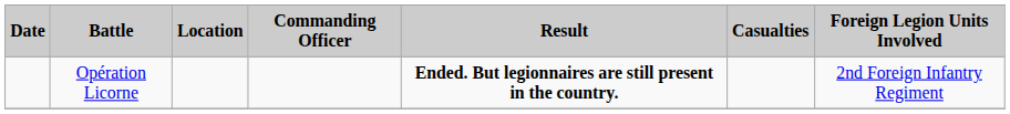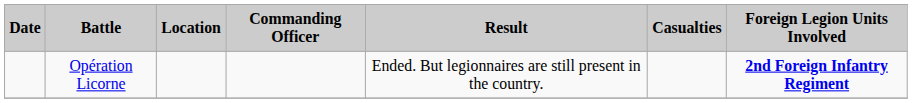 <table class="sorttable" border="1" cellpadding="4" cellspacing="1" style="margin: 1em 1em 1em 0; background: #f9f9f9; border: 1px #aaa solid; text-align:center; border-collapse: collapse; font-size: 95%;">
 <tr style="background:#cccccc">
 <td><strong>Date</strong></td>
 <td><strong>Battle</strong></td>
 <td><strong>Location</strong></td>
 <td><strong>Commanding Officer</strong></td>
 <td><strong>Result</strong></td>
 <td><strong>Casualties</strong></td>
 <td><strong>Foreign Legion Units Involved</strong></td>
 </tr>
 <tr>
 <td></td>
 <td><a href='#'>Opération Licorne</a></td>
 <td></td>
 <td></td>
-<td><strong>Ended. But legionnaires are still present in the country.</strong></td>
+<td>Ended. But legionnaires are still present in the country.</td>
 <td></td>
-<td><a href='#'>2nd Foreign Infantry Regiment</a></td>
+<td><strong><a href='#'>2nd Foreign Infantry Regiment</a></strong></td>
 </tr>
 <tr>
 </tr>
 </table>
